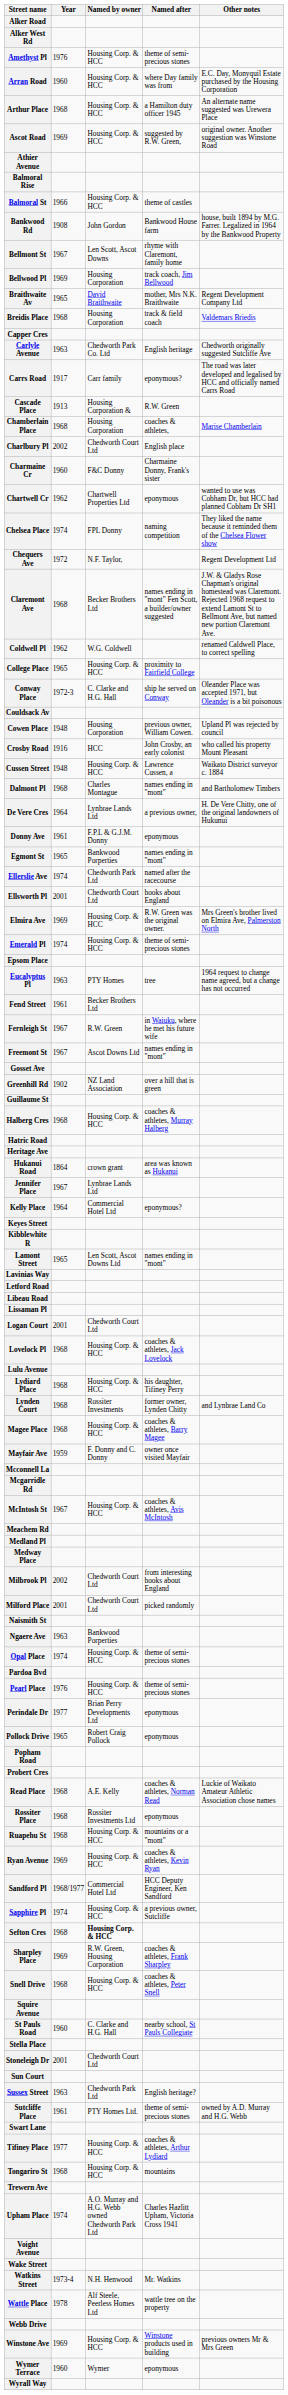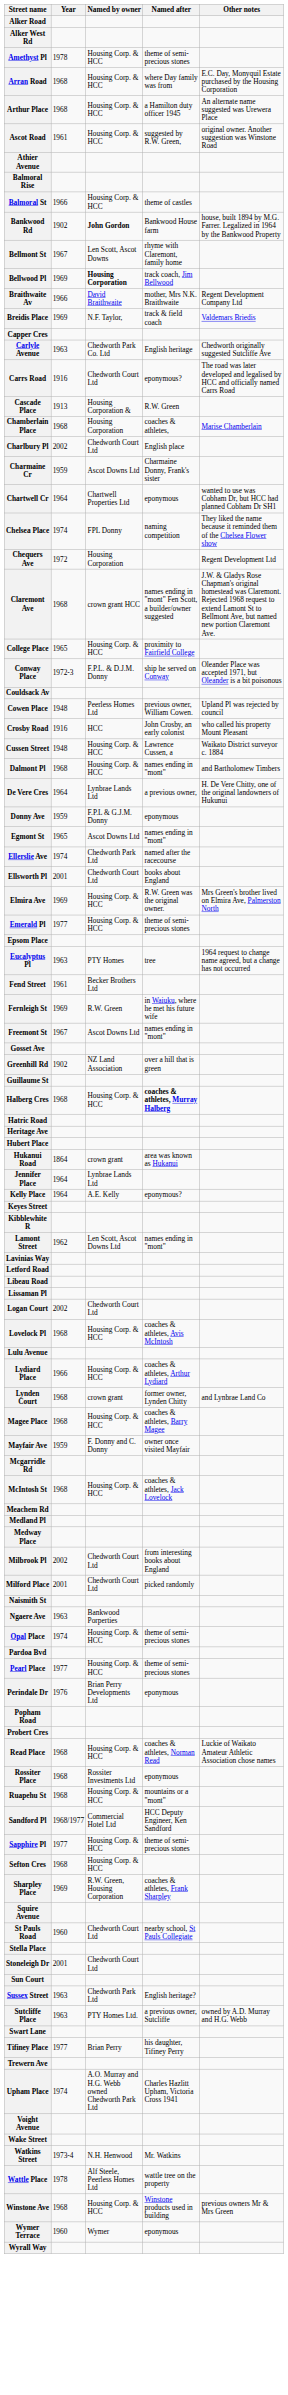 <table class="wikitable sortable" border="1">
 <tr>
 <th>Street name</th>
 <th><strong>Year</strong></th>
 <th><strong>Named by owner</strong></th>
 <th><strong>Named after</strong></th>
 <th><strong>Other notes</strong></th>
 </tr>
 <tr>
 <th>Alker Road</th>
 <td></td>
 <td></td>
 <td></td>
 <td></td>
 </tr>
 <tr>
 <th>Alker West Rd</th>
 <td></td>
 <td></td>
 <td></td>
 <td></td>
 </tr>
 <tr>
 <th><a href='#'>Amethyst</a> Pl</th>
-<td>1976</td>
+<td>1978</td>
 <td>Housing Corp. & HCC</td>
 <td>theme of semi-precious stones</td>
 <td></td>
 </tr>
 <tr>
 <th><a href='#'>Arran</a> Road</th>
-<td>1960</td>
+<td>1968</td>
 <td>Housing Corp. & HCC</td>
 <td>where Day family was from</td>
 <td>E.C. Day, Monyquil Estate purchased by the Housing Corporation</td>
 </tr>
 <tr>
 <th>Arthur Place</th>
 <td>1968</td>
 <td>Housing Corp. & HCC</td>
 <td>a Hamilton duty officer 1945</td>
 <td>An alternate name suggested was Urewera Place</td>
 </tr>
 <tr>
 <th>Ascot Road</th>
-<td>1969</td>
+<td>1961</td>
 <td>Housing Corp. & HCC</td>
 <td>suggested by R.W. Green,</td>
 <td>original owner. Another suggestion was Winstone Road</td>
 </tr>
 <tr>
 <th>Athier Avenue</th>
 <td></td>
 <td></td>
 <td></td>
 <td></td>
 </tr>
 <tr>
 <th>Balmoral Rise</th>
 <td></td>
 <td></td>
 <td></td>
 <td></td>
 </tr>
 <tr>
 <th><a href='#'>Balmoral</a> St</th>
 <td>1966</td>
 <td>Housing Corp. & HCC</td>
 <td>theme of castles</td>
 <td></td>
 </tr>
 <tr>
 <th>Bankwood Rd</th>
-<td>1908</td>
-<td>John Gordon</td>
+<td>1902</td>
+<td><strong>John Gordon</strong></td>
 <td>Bankwood House farm</td>
 <td>house, built 1894 by M.G. Farrer. Legalized in 1964 by the Bankwood Property</td>
 </tr>
 <tr>
 <th>Bellmont St</th>
 <td>1967</td>
 <td>Len Scott, Ascot Downs</td>
 <td>rhyme with Claremont, family home</td>
 <td></td>
 </tr>
 <tr>
 <th>Bellwood Pl</th>
 <td>1969</td>
-<td>Housing Corporation</td>
+<td><strong>Housing Corporation</strong></td>
 <td>track coach, <a href='#'>Jim Bellwood</a></td>
 <td></td>
 </tr>
 <tr>
 <th>Braithwaite Av</th>
-<td>1965</td>
+<td>1966</td>
 <td><a href='#'>David Braithwaite</a></td>
 <td>mother, Mrs N.K. Braithwaite</td>
 <td>Regent Development Company Ltd</td>
 </tr>
 <tr>
 <th>Breidis Place</th>
-<td>1968</td>
-<td>Housing Corporation</td>
+<td>1969</td>
+<td>N.F. Taylor,</td>
 <td>track & field coach</td>
 <td><a href='#'>Valdemars Briedis</a></td>
 </tr>
 <tr>
 <th>Capper Cres</th>
 <td></td>
 <td></td>
 <td></td>
 <td></td>
 </tr>
 <tr>
 <th><a href='#'>Carlyle</a> Avenue</th>
 <td>1963</td>
 <td>Chedworth Park Co. Ltd</td>
 <td>English heritage</td>
 <td>Chedworth originally suggested Sutcliffe Ave</td>
 </tr>
 <tr>
 <th>Carrs Road</th>
-<td>1917</td>
-<td>Carr family</td>
+<td>1916</td>
+<td>Chedworth Court Ltd</td>
 <td>eponymous?</td>
 <td>The road was later developed and legalised by HCC and officially named Carrs Road</td>
 </tr>
 <tr>
 <th>Cascade Place</th>
 <td>1913</td>
 <td>Housing Corporation &</td>
 <td>R.W. Green</td>
 <td></td>
 </tr>
 <tr>
 <th>Chamberlain Place</th>
 <td>1968</td>
 <td>Housing Corporation</td>
 <td>coaches & athletes,</td>
 <td><a href='#'>Marise Chamberlain</a></td>
 </tr>
 <tr>
 <th>Charlbury Pl</th>
 <td>2002</td>
 <td>Chedworth Court Ltd</td>
 <td>English place</td>
 <td></td>
 </tr>
 <tr>
 <th>Charmaine Cr</th>
-<td>1960</td>
-<td>F&C Donny</td>
+<td>1959</td>
+<td>Ascot Downs Ltd</td>
 <td>Charmaine Donny, Frank's sister</td>
 <td></td>
 </tr>
 <tr>
 <th>Chartwell Cr</th>
-<td>1962</td>
+<td>1964</td>
 <td>Chartwell Properties Ltd</td>
 <td>eponymous</td>
 <td>wanted to use was Cobham Dr, but HCC had planned Cobham Dr SH1</td>
 </tr>
 <tr>
 <th>Chelsea Place</th>
 <td>1974</td>
 <td>FPL Donny</td>
 <td>naming competition</td>
 <td>They liked the name because it reminded them of the <a href='#'>Chelsea Flower show</a></td>
 </tr>
 <tr>
 <th>Chequers Ave</th>
 <td>1972</td>
-<td>N.F. Taylor,</td>
+<td>Housing Corporation</td>
 <td></td>
 <td>Regent Development Ltd</td>
 </tr>
 <tr>
 <th>Claremont Ave</th>
 <td>1968</td>
-<td>Becker Brothers Ltd</td>
+<td>crown grant HCC</td>
 <td>names ending in "mont" Fen Scott, a builder/owner suggested</td>
 <td>J.W. & Gladys Rose Chapman's original homestead was Claremont. Rejected 1968 request to extend Lamont St to Bellmont Ave, but named new portion Claremont Ave.</td>
-</tr>
-<tr>
-<th>Coldwell Pl</th>
-<td>1962</td>
-<td>W.G. Coldwell</td>
-<td></td>
-<td>renamed Caldwell Place, to correct spelling</td>
 </tr>
 <tr>
 <th>College Place</th>
 <td>1965</td>
 <td>Housing Corp. & HCC</td>
 <td>proximity to <a href='#'>Fairfield College</a></td>
 <td></td>
 </tr>
 <tr>
 <th>Conway Place</th>
 <td>1972-3</td>
-<td>C. Clarke and H.G. Hall</td>
+<td>F.P.L. & D.J.M. Donny</td>
 <td>ship he served on <a href='#'>Conway</a></td>
 <td>Oleander Place was accepted 1971, but <a href='#'>Oleander</a> is a bit poisonous</td>
 </tr>
 <tr>
 <th>Couldsack Av</th>
 <td></td>
 <td></td>
 <td></td>
 <td></td>
 </tr>
 <tr>
 <th>Cowen Place</th>
 <td>1948</td>
-<td>Housing Corporation</td>
+<td>Peerless Homes Ltd</td>
 <td>previous owner, William Cowen.</td>
 <td>Upland Pl was rejected by council</td>
 </tr>
 <tr>
 <th>Crosby Road</th>
 <td>1916</td>
 <td>HCC</td>
 <td>John Crosby, an early colonist</td>
 <td>who called his property Mount Pleasant</td>
 </tr>
 <tr>
 <th>Cussen Street</th>
 <td>1948</td>
 <td>Housing Corp. & HCC</td>
 <td>Lawrence Cussen, a</td>
 <td>Waikato District surveyor c. 1884</td>
 </tr>
 <tr>
 <th>Dalmont Pl</th>
 <td>1968</td>
-<td>Charles Montague</td>
+<td>Housing Corp. & HCC</td>
 <td>names ending in "mont"</td>
 <td>and Bartholomew Timbers</td>
 </tr>
 <tr>
 <th>De Vere Cres</th>
 <td>1964</td>
 <td>Lynbrae Lands Ltd</td>
 <td>a previous owner,</td>
 <td>H. De Vere Chitty, one of the original landowners of Hukunui</td>
 </tr>
 <tr>
 <th>Donny Ave</th>
-<td>1961</td>
+<td>1959</td>
 <td>F.P.L & G.J.M. Donny</td>
 <td>eponymous</td>
 <td></td>
 </tr>
 <tr>
 <th>Egmont St</th>
 <td>1965</td>
-<td>Bankwood Porperties</td>
+<td>Ascot Downs Ltd</td>
 <td>names ending in "mont"</td>
 <td></td>
 </tr>
 <tr>
 <th><a href='#'>Ellerslie</a> Ave</th>
 <td>1974</td>
 <td>Chedworth Park Ltd</td>
 <td>named after the racecourse</td>
 <td></td>
 </tr>
 <tr>
 <th>Ellsworth Pl</th>
 <td>2001</td>
 <td>Chedworth Court Ltd</td>
 <td>books about England</td>
 <td></td>
 </tr>
 <tr>
 <th>Elmira Ave</th>
 <td>1969</td>
 <td>Housing Corp. & HCC</td>
 <td>R.W. Green was the original owner.</td>
 <td>Mrs Green's brother lived on Elmira Ave, <a href='#'>Palmerston North</a></td>
 </tr>
 <tr>
 <th><a href='#'>Emerald</a> Pl</th>
-<td>1974</td>
+<td>1977</td>
 <td>Housing Corp. & HCC</td>
 <td>theme of semi-precious stones</td>
 <td></td>
 </tr>
 <tr>
 <th>Epsom Place</th>
 <td></td>
 <td></td>
 <td></td>
 <td></td>
 </tr>
 <tr>
 <th><a href='#'>Eucalyptus</a> Pl</th>
 <td>1963</td>
 <td>PTY Homes</td>
 <td>tree</td>
 <td>1964 request to change name agreed, but a change has not occurred</td>
 </tr>
 <tr>
 <th>Fend Street</th>
 <td>1961</td>
 <td>Becker Brothers Ltd</td>
 <td></td>
 <td></td>
 </tr>
 <tr>
 <th>Fernleigh St</th>
-<td>1967</td>
+<td>1969</td>
 <td>R.W. Green</td>
 <td>in <a href='#'>Waiuku</a>, where he met his future wife</td>
 <td></td>
 </tr>
 <tr>
 <th>Freemont St</th>
 <td>1967</td>
 <td>Ascot Downs Ltd</td>
 <td>names ending in "mont"</td>
 <td></td>
 </tr>
 <tr>
 <th>Gosset Ave</th>
 <td></td>
 <td></td>
 <td></td>
 <td></td>
 </tr>
 <tr>
 <th>Greenhill Rd</th>
 <td>1902</td>
 <td>NZ Land Association</td>
 <td>over a hill that is green</td>
 <td></td>
 </tr>
 <tr>
 <th>Guillaume St</th>
 <td></td>
 <td></td>
 <td></td>
 <td></td>
 </tr>
 <tr>
 <th>Halberg Cres</th>
 <td>1968</td>
 <td>Housing Corp. & HCC</td>
-<td>coaches & athletes, <a href='#'>Murray Halberg</a></td>
+<td><strong>coaches & athletes, <a href='#'>Murray Halberg</a></strong></td>
 <td></td>
 </tr>
 <tr>
 <th>Hatric Road</th>
 <td></td>
 <td></td>
 <td></td>
 <td></td>
 </tr>
 <tr>
 <th>Heritage Ave</th>
 <td></td>
 <td></td>
 <td></td>
 <td></td>
 </tr>
 <tr>
+<th>Hubert Place</th>
+<td></td>
+<td></td>
+<td></td>
+<td></td>
+</tr>
+<tr>
 <th>Hukanui Road</th>
 <td>1864</td>
 <td>crown grant</td>
 <td>area was known as <a href='#'>Hukanui</a></td>
 <td></td>
 </tr>
 <tr>
 <th>Jennifer Place</th>
-<td>1967</td>
+<td>1964</td>
 <td>Lynbrae Lands Ltd</td>
 <td></td>
 <td></td>
 </tr>
 <tr>
 <th>Kelly Place</th>
 <td>1964</td>
-<td>Commercial Hotel Ltd</td>
+<td>A.E. Kelly</td>
 <td>eponymous?</td>
 <td></td>
 </tr>
 <tr>
 <th>Keyes Street</th>
 <td></td>
 <td></td>
 <td></td>
 <td></td>
 </tr>
 <tr>
 <th>Kibblewhite R</th>
 <td></td>
 <td></td>
 <td></td>
 <td></td>
 </tr>
 <tr>
 <th>Lamont Street</th>
-<td>1965</td>
+<td>1962</td>
 <td>Len Scott, Ascot Downs Ltd</td>
 <td>names ending in "mont"</td>
 <td></td>
 </tr>
 <tr>
 <th>Lavinias Way</th>
 <td></td>
 <td></td>
 <td></td>
 <td></td>
 </tr>
 <tr>
 <th>Letford Road</th>
 <td></td>
 <td></td>
 <td></td>
 <td></td>
 </tr>
 <tr>
 <th>Libeau Road</th>
 <td></td>
 <td></td>
 <td></td>
 <td></td>
 </tr>
 <tr>
 <th>Lissaman Pl</th>
 <td></td>
 <td></td>
 <td></td>
 <td></td>
 </tr>
 <tr>
 <th>Logan Court</th>
-<td>2001</td>
+<td>2002</td>
 <td>Chedworth Court Ltd</td>
 <td></td>
 <td></td>
 </tr>
 <tr>
 <th>Lovelock Pl</th>
 <td>1968</td>
 <td>Housing Corp. & HCC</td>
-<td>coaches & athletes, <a href='#'>Jack Lovelock</a></td>
+<td>coaches & athletes, <a href='#'>Avis McIntosh</a></td>
 <td></td>
 </tr>
 <tr>
 <th>Lulu Avenue</th>
 <td></td>
 <td></td>
 <td></td>
 <td></td>
 </tr>
 <tr>
 <th>Lydiard Place</th>
-<td>1968</td>
+<td>1966</td>
 <td>Housing Corp. & HCC</td>
-<td>his daughter, Tifiney Perry</td>
+<td>coaches & athletes, <a href='#'>Arthur Lydiard</a></td>
 <td></td>
 </tr>
 <tr>
 <th>Lynden Court</th>
 <td>1968</td>
-<td>Rossiter Investments</td>
+<td>crown grant</td>
 <td>former owner, Lynden Chitty</td>
 <td>and Lynbrae Land Co</td>
 </tr>
 <tr>
 <th>Magee Place</th>
 <td>1968</td>
 <td>Housing Corp. & HCC</td>
 <td>coaches & athletes, <a href='#'>Barry Magee</a></td>
 <td></td>
 </tr>
 <tr>
 <th>Mayfair Ave</th>
 <td>1959</td>
 <td>F. Donny and C. Donny</td>
 <td>owner once visited Mayfair</td>
 <td></td>
 </tr>
 <tr>
-<th>Mcconnell La</th>
-<td></td>
-<td></td>
-<td></td>
-<td></td>
-</tr>
-<tr>
 <th>Mcgarridle Rd</th>
 <td></td>
 <td></td>
 <td></td>
 <td></td>
 </tr>
 <tr>
 <th>McIntosh St</th>
-<td>1967</td>
+<td>1968</td>
 <td>Housing Corp. & HCC</td>
-<td>coaches & athletes, <a href='#'>Avis McIntosh</a></td>
+<td>coaches & athletes, <a href='#'>Jack Lovelock</a></td>
 <td></td>
 </tr>
 <tr>
 <th>Meachem Rd</th>
 <td></td>
 <td></td>
 <td></td>
 <td></td>
 </tr>
 <tr>
 <th>Medland Pl</th>
 <td></td>
 <td></td>
 <td></td>
 <td></td>
 </tr>
 <tr>
 <th>Medway Place</th>
 <td></td>
 <td></td>
 <td></td>
 <td></td>
 </tr>
 <tr>
 <th>Milbrook Pl</th>
 <td>2002</td>
 <td>Chedworth Court Ltd</td>
 <td>from interesting books about England</td>
 <td></td>
 </tr>
 <tr>
 <th>Milford Place</th>
 <td>2001</td>
 <td>Chedworth Court Ltd</td>
 <td>picked randomly</td>
 <td></td>
 </tr>
 <tr>
 <th>Naismith St</th>
 <td></td>
 <td></td>
 <td></td>
 <td></td>
 </tr>
 <tr>
 <th>Ngaere Ave</th>
 <td>1963</td>
 <td>Bankwood Porperties</td>
 <td></td>
 <td></td>
 </tr>
 <tr>
 <th><a href='#'>Opal</a> Place</th>
 <td>1974</td>
 <td>Housing Corp. & HCC</td>
 <td>theme of semi-precious stones</td>
 <td></td>
 </tr>
 <tr>
 <th>Pardoa Bvd</th>
 <td></td>
 <td></td>
 <td></td>
 <td></td>
 </tr>
 <tr>
 <th><a href='#'>Pearl</a> Place</th>
-<td>1976</td>
+<td>1977</td>
 <td>Housing Corp. & HCC</td>
 <td>theme of semi-precious stones</td>
 <td></td>
 </tr>
 <tr>
 <th>Perindale Dr</th>
-<td>1977</td>
+<td>1976</td>
 <td>Brian Perry Developments Ltd</td>
-<td>eponymous</td>
-<td></td>
-</tr>
-<tr>
-<th>Pollock Drive</th>
-<td>1965</td>
-<td>Robert Craig Pollock</td>
 <td>eponymous</td>
 <td></td>
 </tr>
 <tr>
 <th>Popham Road</th>
 <td></td>
 <td></td>
 <td></td>
 <td></td>
 </tr>
 <tr>
 <th>Probert Cres</th>
 <td></td>
 <td></td>
 <td></td>
 <td></td>
 </tr>
 <tr>
 <th>Read Place</th>
 <td>1968</td>
-<td>A.E. Kelly</td>
+<td>Housing Corp. & HCC</td>
 <td>coaches & athletes, <a href='#'>Norman Read</a></td>
 <td>Luckie of Waikato Amateur Athletic Association chose names</td>
 </tr>
 <tr>
 <th>Rossiter Place</th>
 <td>1968</td>
 <td>Rossiter Investments Ltd</td>
 <td>eponymous</td>
 <td></td>
 </tr>
 <tr>
 <th>Ruapehu St</th>
 <td>1968</td>
 <td>Housing Corp. & HCC</td>
 <td>mountains or a "mont"</td>
 <td></td>
 </tr>
 <tr>
-<th>Ryan Avenue</th>
-<td>1969</td>
-<td>Housing Corp. & HCC</td>
-<td>coaches & athletes, <a href='#'>Kevin Ryan</a></td>
-<td></td>
-</tr>
-<tr>
 <th>Sandford Pl</th>
 <td>1968/1977</td>
 <td>Commercial Hotel Ltd</td>
 <td>HCC Deputy Engineer, Ken Sandford</td>
 <td></td>
 </tr>
 <tr>
 <th><a href='#'>Sapphire</a> Pl</th>
-<td>1974</td>
+<td>1977</td>
 <td>Housing Corp. & HCC</td>
-<td>a previous owner, Sutcliffe</td>
+<td>theme of semi-precious stones</td>
 <td></td>
 </tr>
 <tr>
 <th>Sefton Cres</th>
 <td>1968</td>
-<td><strong>Housing Corp. & HCC</strong></td>
+<td>Housing Corp. & HCC</td>
 <td></td>
 <td></td>
 </tr>
 <tr>
 <th>Sharpley Place</th>
 <td>1969</td>
 <td>R.W. Green, Housing Corporation</td>
 <td>coaches & athletes, <a href='#'>Frank Sharpley</a></td>
-<td></td>
-</tr>
-<tr>
-<th>Snell Drive</th>
-<td>1968</td>
-<td>Housing Corp. & HCC</td>
-<td>coaches & athletes, <a href='#'>Peter Snell</a></td>
 <td></td>
 </tr>
 <tr>
 <th>Squire Avenue</th>
 <td></td>
 <td></td>
 <td></td>
 <td></td>
 </tr>
 <tr>
 <th>St Pauls Road</th>
 <td>1960</td>
-<td>C. Clarke and H.G. Hall</td>
+<td>Chedworth Court Ltd</td>
 <td>nearby school, <a href='#'>St Pauls Collegiate</a></td>
 <td></td>
 </tr>
 <tr>
 <th>Stella Place</th>
 <td></td>
 <td></td>
 <td></td>
 <td></td>
 </tr>
 <tr>
 <th>Stoneleigh Dr</th>
 <td>2001</td>
 <td>Chedworth Court Ltd</td>
 <td></td>
 <td></td>
 </tr>
 <tr>
 <th>Sun Court</th>
 <td></td>
 <td></td>
 <td></td>
 <td></td>
 </tr>
 <tr>
 <th><a href='#'>Sussex</a> Street</th>
 <td>1963</td>
 <td>Chedworth Park Ltd</td>
 <td>English heritage?</td>
 <td></td>
 </tr>
 <tr>
 <th>Sutcliffe Place</th>
-<td>1961</td>
+<td>1963</td>
 <td>PTY Homes Ltd.</td>
-<td>theme of semi-precious stones</td>
+<td>a previous owner, Sutcliffe</td>
 <td>owned by A.D. Murray and H.G. Webb</td>
 </tr>
 <tr>
 <th>Swart Lane</th>
 <td></td>
 <td></td>
 <td></td>
 <td></td>
 </tr>
 <tr>
 <th>Tifiney Place</th>
 <td>1977</td>
-<td>Housing Corp. & HCC</td>
-<td>coaches & athletes, <a href='#'>Arthur Lydiard</a></td>
-<td></td>
-</tr>
-<tr>
-<th>Tongariro St</th>
-<td>1968</td>
-<td>Housing Corp. & HCC</td>
-<td>mountains</td>
+<td>Brian Perry</td>
+<td>his daughter, Tifiney Perry</td>
 <td></td>
 </tr>
 <tr>
 <th>Trewern Ave</th>
 <td></td>
 <td></td>
 <td></td>
 <td></td>
 </tr>
 <tr>
 <th>Upham Place</th>
 <td>1974</td>
 <td>A.O. Murray and H.G. Webb owned Chedworth Park Ltd</td>
 <td>Charles Hazlitt Upham, Victoria Cross 1941</td>
 <td></td>
 </tr>
 <tr>
 <th>Voight Avenue</th>
 <td></td>
 <td></td>
 <td></td>
 <td></td>
 </tr>
 <tr>
 <th>Wake Street</th>
 <td></td>
 <td></td>
 <td></td>
 <td></td>
 </tr>
 <tr>
 <th>Watkins Street</th>
 <td>1973-4</td>
 <td>N.H. Henwood</td>
 <td>Mr. Watkins</td>
 <td></td>
 </tr>
 <tr>
 <th><a href='#'>Wattle</a> Place</th>
 <td>1978</td>
 <td>Alf Steele, Peerless Homes Ltd</td>
 <td>wattle tree on the property</td>
 <td></td>
 </tr>
 <tr>
-<th>Webb Drive</th>
-<td></td>
-<td></td>
-<td></td>
-<td></td>
-</tr>
-<tr>
 <th>Winstone Ave</th>
-<td>1969</td>
+<td>1968</td>
 <td>Housing Corp. & HCC</td>
 <td><a href='#'>Winstone</a> products used in building</td>
 <td>previous owners Mr & Mrs Green</td>
 </tr>
 <tr>
 <th>Wymer Terrace</th>
 <td>1960</td>
 <td>Wymer</td>
 <td>eponymous</td>
 <td></td>
 </tr>
 <tr>
 <th>Wyrall Way</th>
 <td></td>
 <td></td>
 <td></td>
 <td></td>
 </tr>
 </table>
